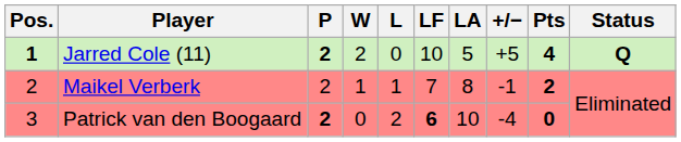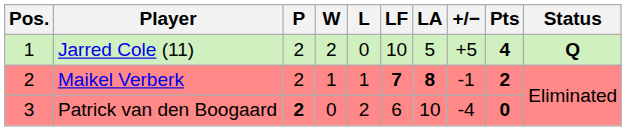 <table class="wikitable" style="text-align:center; margin: 1em auto 1em auto, align:left">
 <tr>
 <th width=20>Pos.</th>
 <th width=185>Player</th>
 <th width=20>P</th>
 <th width=20>W</th>
 <th width=20>L</th>
 <th width=20>LF</th>
 <th width=20>LA</th>
 <th width=25>+/−</th>
 <th width=20>Pts</th>
 <th width=70>Status</th>
 </tr>
 <tr style="background:#D0F0C0;">
-<td><strong>1</strong></td>
+<td>1</td>
 <td align=left> <a href='#'>Jarred Cole</a> (11)</td>
-<td><strong>2</strong></td>
+<td>2</td>
 <td>2</td>
 <td>0</td>
 <td>10</td>
 <td>5</td>
 <td>+5</td>
 <td><strong>4</strong></td>
 <td rowspan=1><strong>Q</strong></td>
 </tr>
 <tr style="background:#FF8888;">
 <td>2</td>
 <td align=left> <a href='#'>Maikel Verberk</a></td>
 <td>2</td>
 <td>1</td>
 <td>1</td>
-<td>7</td>
-<td>8</td>
+<td><strong>7</strong></td>
+<td><strong>8</strong></td>
 <td>-1</td>
 <td><strong>2</strong></td>
 <td rowspan=2>Eliminated</td>
 </tr>
 <tr style="background:#FF8888;">
 <td>3</td>
 <td align=left> Patrick van den Boogaard</td>
 <td><strong>2</strong></td>
 <td>0</td>
 <td>2</td>
-<td><strong>6</strong></td>
+<td>6</td>
 <td>10</td>
 <td>-4</td>
 <td><strong>0</strong></td>
 </tr>
 </table>
